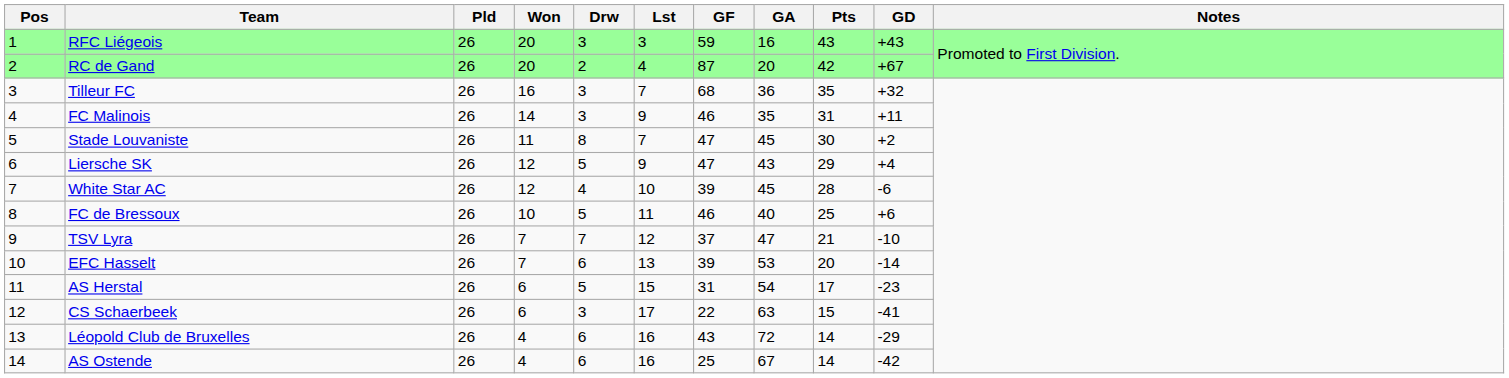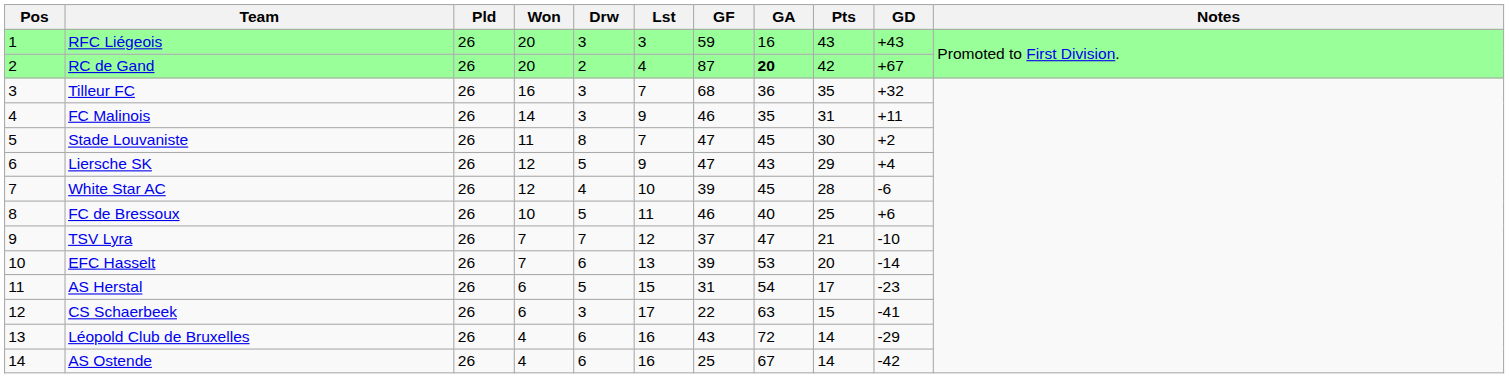 <table class="wikitable" width=70% style="font-size:90%">
 <tr>
 <th width=4%><strong>Pos</strong></th>
 <th width=26%><strong>Team</strong></th>
 <th width=4%><strong>Pld</strong></th>
 <th width=4%><strong>Won</strong></th>
 <th width=4%><strong>Drw</strong></th>
 <th width=4%><strong>Lst</strong></th>
 <th width=4%><strong>GF</strong></th>
 <th width=4%><strong>GA</strong></th>
 <th width=4%><strong>Pts</strong></th>
 <th width=4%><strong>GD</strong></th>
 <th width=38%><strong>Notes</strong></th>
 </tr>
 <tr bgcolor=#99ff99>
 <td>1</td>
 <td align="left"><a href='#'>RFC Liégeois</a></td>
 <td>26</td>
 <td>20</td>
 <td>3</td>
 <td>3</td>
 <td>59</td>
 <td>16</td>
 <td>43</td>
 <td>+43</td>
 <td rowspan=2>Promoted to <a href='#'>First Division</a>.</td>
 </tr>
 <tr bgcolor=#99ff99>
 <td>2</td>
 <td align="left"><a href='#'>RC de Gand</a></td>
 <td>26</td>
 <td>20</td>
 <td>2</td>
 <td>4</td>
 <td>87</td>
-<td>20</td>
+<td><strong>20</strong></td>
 <td>42</td>
 <td>+67</td>
 </tr>
 <tr>
 <td>3</td>
 <td align="left"><a href='#'>Tilleur FC</a></td>
 <td>26</td>
 <td>16</td>
 <td>3</td>
 <td>7</td>
 <td>68</td>
 <td>36</td>
 <td>35</td>
 <td>+32</td>
 </tr>
 <tr>
 <td>4</td>
 <td align="left"><a href='#'>FC Malinois</a></td>
 <td>26</td>
 <td>14</td>
 <td>3</td>
 <td>9</td>
 <td>46</td>
 <td>35</td>
 <td>31</td>
 <td>+11</td>
 </tr>
 <tr>
 <td>5</td>
 <td align="left"><a href='#'>Stade Louvaniste</a></td>
 <td>26</td>
 <td>11</td>
 <td>8</td>
 <td>7</td>
 <td>47</td>
 <td>45</td>
 <td>30</td>
 <td>+2</td>
 </tr>
 <tr>
 <td>6</td>
 <td align="left"><a href='#'>Liersche SK</a></td>
 <td>26</td>
 <td>12</td>
 <td>5</td>
 <td>9</td>
 <td>47</td>
 <td>43</td>
 <td>29</td>
 <td>+4</td>
 </tr>
 <tr>
 <td>7</td>
 <td align="left"><a href='#'>White Star AC</a></td>
 <td>26</td>
 <td>12</td>
 <td>4</td>
 <td>10</td>
 <td>39</td>
 <td>45</td>
 <td>28</td>
 <td>-6</td>
 </tr>
 <tr>
 <td>8</td>
 <td align="left"><a href='#'>FC de Bressoux</a></td>
 <td>26</td>
 <td>10</td>
 <td>5</td>
 <td>11</td>
 <td>46</td>
 <td>40</td>
 <td>25</td>
 <td>+6</td>
 </tr>
 <tr>
 <td>9</td>
 <td align="left"><a href='#'>TSV Lyra</a></td>
 <td>26</td>
 <td>7</td>
 <td>7</td>
 <td>12</td>
 <td>37</td>
 <td>47</td>
 <td>21</td>
 <td>-10</td>
 </tr>
 <tr>
 <td>10</td>
 <td align="left"><a href='#'>EFC Hasselt</a></td>
 <td>26</td>
 <td>7</td>
 <td>6</td>
 <td>13</td>
 <td>39</td>
 <td>53</td>
 <td>20</td>
 <td>-14</td>
 </tr>
 <tr>
 <td>11</td>
 <td align="left"><a href='#'>AS Herstal</a></td>
 <td>26</td>
 <td>6</td>
 <td>5</td>
 <td>15</td>
 <td>31</td>
 <td>54</td>
 <td>17</td>
 <td>-23</td>
 </tr>
 <tr>
 <td>12</td>
 <td align="left"><a href='#'>CS Schaerbeek</a></td>
 <td>26</td>
 <td>6</td>
 <td>3</td>
 <td>17</td>
 <td>22</td>
 <td>63</td>
 <td>15</td>
 <td>-41</td>
 </tr>
 <tr>
 <td>13</td>
 <td align="left"><a href='#'>Léopold Club de Bruxelles</a></td>
 <td>26</td>
 <td>4</td>
 <td>6</td>
 <td>16</td>
 <td>43</td>
 <td>72</td>
 <td>14</td>
 <td>-29</td>
 </tr>
 <tr>
 <td>14</td>
 <td align="left"><a href='#'>AS Ostende</a></td>
 <td>26</td>
 <td>4</td>
 <td>6</td>
 <td>16</td>
 <td>25</td>
 <td>67</td>
 <td>14</td>
 <td>-42</td>
 </tr>
 </table>
